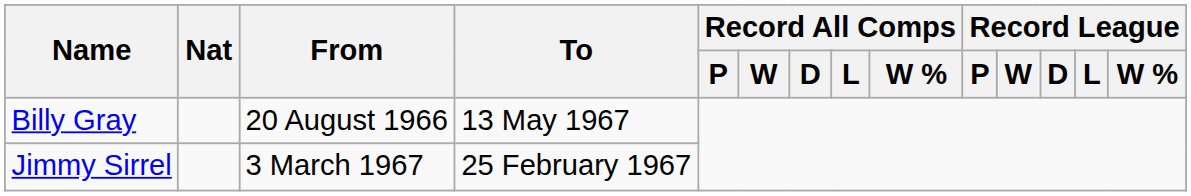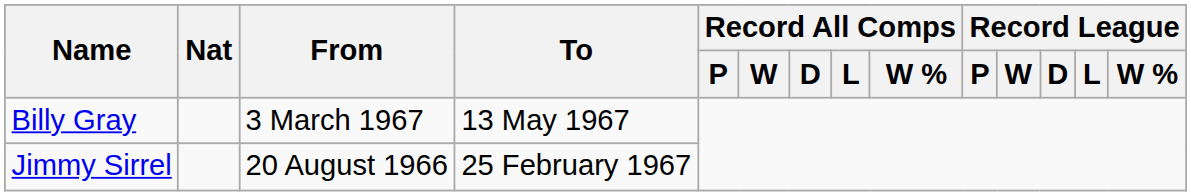 <table style="text-align: center" class="wikitable">
 <tr>
 <th rowspan="2">Name</th>
 <th rowspan="2">Nat</th>
 <th rowspan="2">From</th>
 <th rowspan="2">To</th>
 <th colspan="5">Record All Comps</th>
 <th colspan="5">Record League</th>
 </tr>
 <tr>
 <th>P</th>
 <th>W</th>
 <th>D</th>
 <th>L</th>
 <th>W %</th>
 <th>P</th>
 <th>W</th>
 <th>D</th>
 <th>L</th>
 <th>W %</th>
 </tr>
 <tr>
 <td style="text-align:left;"><a href='#'>Billy Gray</a></td>
 <td></td>
-<td style="text-align:left;">20 August 1966</td>
+<td style="text-align:left;">3 March 1967</td>
 <td style="text-align:left;">13 May 1967<br> </td>
 </tr>
 <tr>
 <td style="text-align:left;"><a href='#'>Jimmy Sirrel</a></td>
 <td></td>
-<td style="text-align:left;">3 March 1967</td>
+<td style="text-align:left;">20 August 1966</td>
 <td style="text-align:left;">25 February 1967<br> </td>
 </tr>
 </table>
